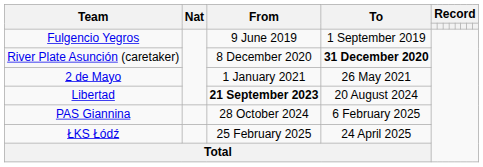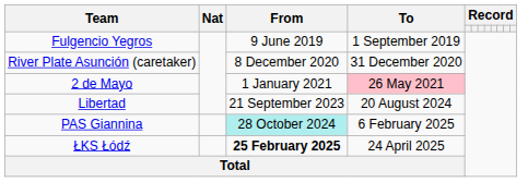 <table class="wikitable" tyle="text-align: center">
 <tr>
 <th rowspan="2">Team</th>
 <th rowspan="2">Nat</th>
 <th rowspan="2">From</th>
 <th rowspan="2">To</th>
 <th colspan="8">Record</th>
 </tr>
 <tr>
 <th></th>
 <th></th>
 <th></th>
 <th></th>
 <th></th>
 <th></th>
 <th></th>
 <th></th>
 </tr>
 <tr>
 <td align=center><a href='#'>Fulgencio Yegros</a></td>
 <td rowspan="4"></td>
 <td align=center>9 June 2019</td>
 <td align=center>1 September 2019<br></td>
 </tr>
 <tr>
 <td align=center><a href='#'>River Plate Asunción</a> (caretaker)</td>
 <td align=center>8 December 2020</td>
-<td align=center><strong>31 December 2020<br></strong></td>
+<td align=center>31 December 2020<br></td>
 </tr>
 <tr>
 <td align=center><a href='#'>2 de Mayo</a></td>
 <td align=center>1 January 2021</td>
-<td align=center>26 May 2021<br></td>
+<td align=center style="background: pink;">26 May 2021<br></td>
 </tr>
 <tr>
 <td align=center><a href='#'>Libertad</a></td>
-<td align=center><strong>21 September 2023</strong></td>
+<td align=center>21 September 2023</td>
 <td align=center>20 August 2024<br></td>
 </tr>
 <tr>
 <td align=center><a href='#'>PAS Giannina</a></td>
 <td></td>
-<td align=center>28 October 2024</td>
+<td align=center style="background: paleturquoise;">28 October 2024</td>
 <td align=center>6 February 2025<br></td>
 </tr>
 <tr>
 <td align=center><a href='#'>ŁKS Łódź</a></td>
 <td></td>
-<td align=center>25 February 2025</td>
+<td align=center><strong>25 February 2025</strong></td>
 <td align=center>24 April 2025<br></td>
 </tr>
 <tr>
 <th colspan="4">Total<br></th>
 </tr>
 </table>
